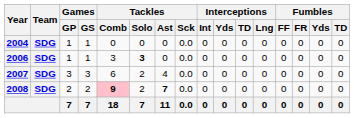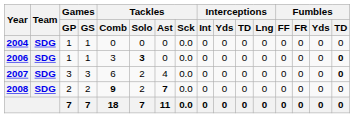 <table class="wikitable" style="text-align:center">
 <tr>
 <th rowspan="2">Year</th>
 <th rowspan="2">Team</th>
 <th colspan="2">Games</th>
 <th colspan="4">Tackles</th>
 <th colspan="4">Interceptions</th>
 <th colspan="4">Fumbles</th>
 </tr>
 <tr>
 <th>GP</th>
 <th>GS</th>
 <th>Comb</th>
 <th>Solo</th>
 <th>Ast</th>
 <th>Sck</th>
 <th>Int</th>
 <th>Yds</th>
 <th>TD</th>
 <th>Lng</th>
 <th>FF</th>
 <th>FR</th>
 <th>Yds</th>
 <th>TD</th>
 </tr>
 <tr>
 <th><a href='#'>2004</a></th>
 <th><a href='#'>SDG</a></th>
 <td>1</td>
 <td>1</td>
 <td>0</td>
 <td>0</td>
 <td>0</td>
 <td>0.0</td>
 <td>0</td>
 <td>0</td>
 <td>0</td>
 <td>0</td>
 <td>0</td>
 <td>0</td>
 <td>0</td>
 <td>0</td>
 </tr>
 <tr>
 <th><a href='#'>2006</a></th>
 <th><a href='#'>SDG</a></th>
 <td>1</td>
 <td>1</td>
 <td>3</td>
 <td><strong>3</strong></td>
 <td>0</td>
 <td>0.0</td>
 <td>0</td>
 <td>0</td>
 <td>0</td>
 <td>0</td>
 <td>0</td>
 <td>0</td>
 <td>0</td>
-<td>0</td>
+<td><strong>0</strong></td>
 </tr>
 <tr>
 <th><a href='#'>2007</a></th>
 <th><a href='#'>SDG</a></th>
 <td>3</td>
 <td>3</td>
 <td>6</td>
 <td>2</td>
 <td>4</td>
 <td>0.0</td>
 <td>0</td>
 <td>0</td>
 <td>0</td>
 <td>0</td>
 <td>0</td>
 <td>0</td>
 <td>0</td>
-<td>0</td>
+<td><strong>0</strong></td>
 </tr>
 <tr>
 <th><a href='#'>2008</a></th>
 <th><a href='#'>SDG</a></th>
 <td>2</td>
 <td>2</td>
-<td style="background: pink;"><strong>9</strong></td>
+<td><strong>9</strong></td>
 <td>2</td>
 <td><strong>7</strong></td>
 <td>0.0</td>
 <td>0</td>
 <td>0</td>
 <td>0</td>
 <td>0</td>
 <td>0</td>
 <td>0</td>
 <td>0</td>
 <td>0</td>
 </tr>
 <tr>
 <th colspan="2"></th>
 <th>7</th>
 <th>7</th>
 <th>18</th>
 <th>7</th>
 <th>11</th>
 <th>0.0</th>
 <th>0</th>
 <th>0</th>
 <th>0</th>
 <th>0</th>
 <th>0</th>
 <th>0</th>
 <th>0</th>
 <th>0</th>
 </tr>
 </table>
